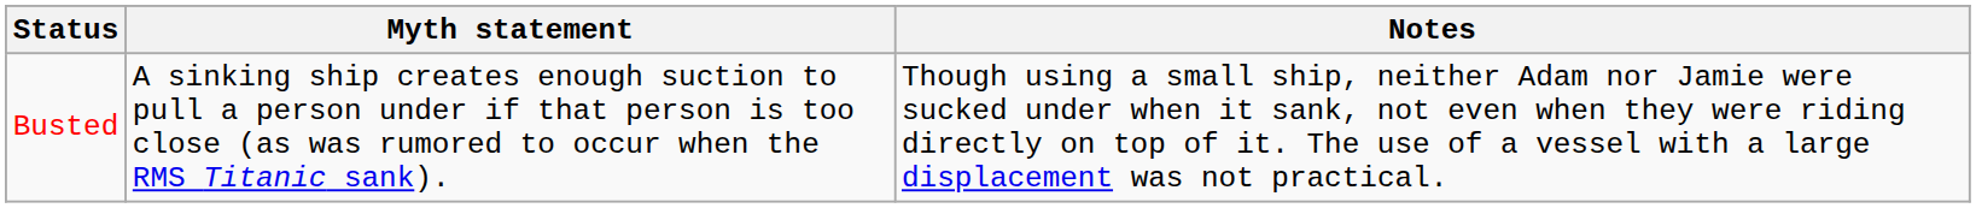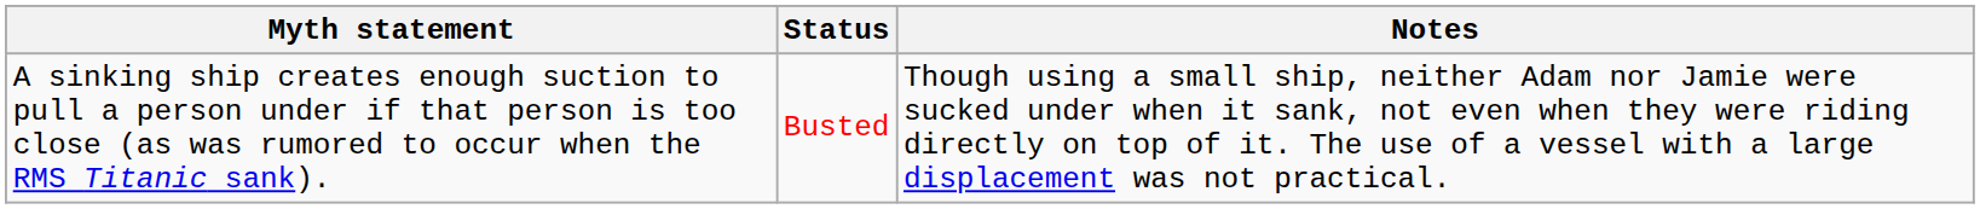 <table class="wikitable plainrowheaders">
 <tr>
+<th>Myth statement</th>
 <th>Status</th>
-<th>Myth statement</th>
 <th>Notes</th>
 </tr>
 <tr>
+<td>A sinking ship creates enough suction to pull a person under if that person is too close (as was rumored to occur when the <a href='#'>RMS <em>Titanic</em> sank</a>).</td>
 <td style="color:red">Busted</td>
-<td>A sinking ship creates enough suction to pull a person under if that person is too close (as was rumored to occur when the <a href='#'>RMS <em>Titanic</em> sank</a>).</td>
 <td>Though using a small ship, neither Adam nor Jamie were sucked under when it sank, not even when they were riding directly on top of it. The use of a vessel with a large <a href='#'>displacement</a> was not practical.</td>
 </tr>
 </table>
